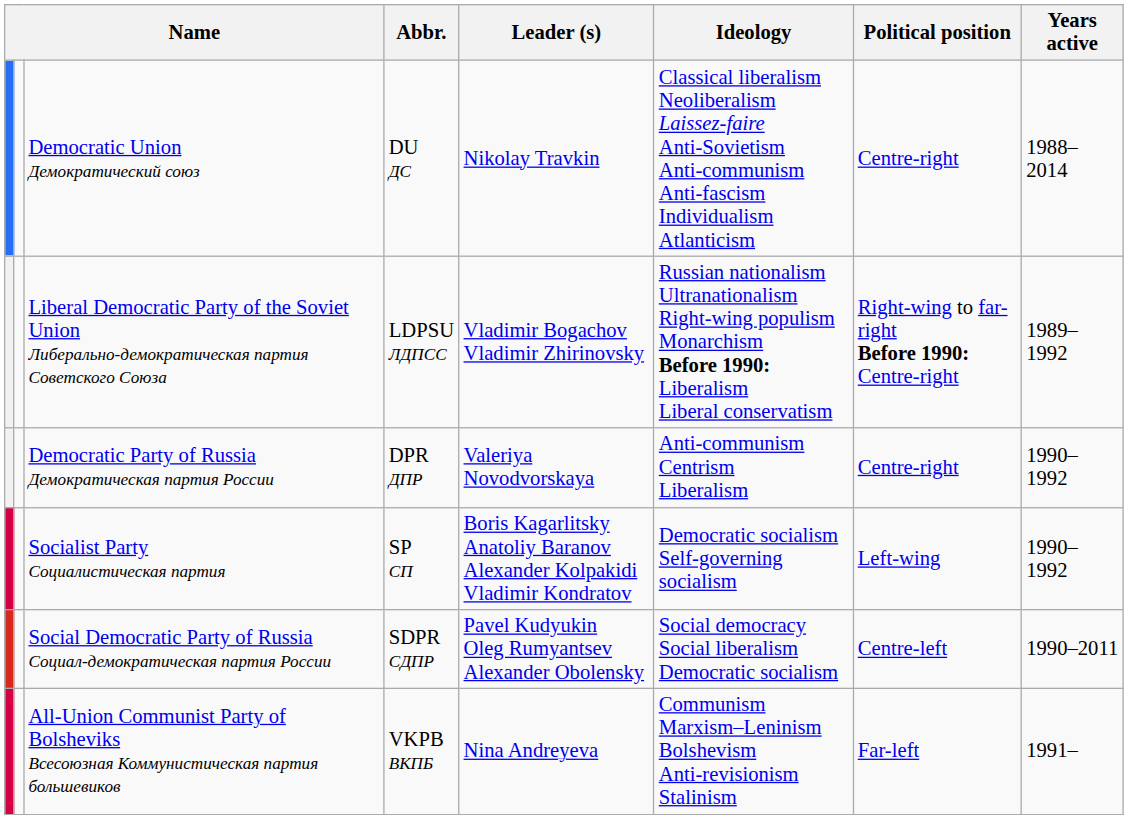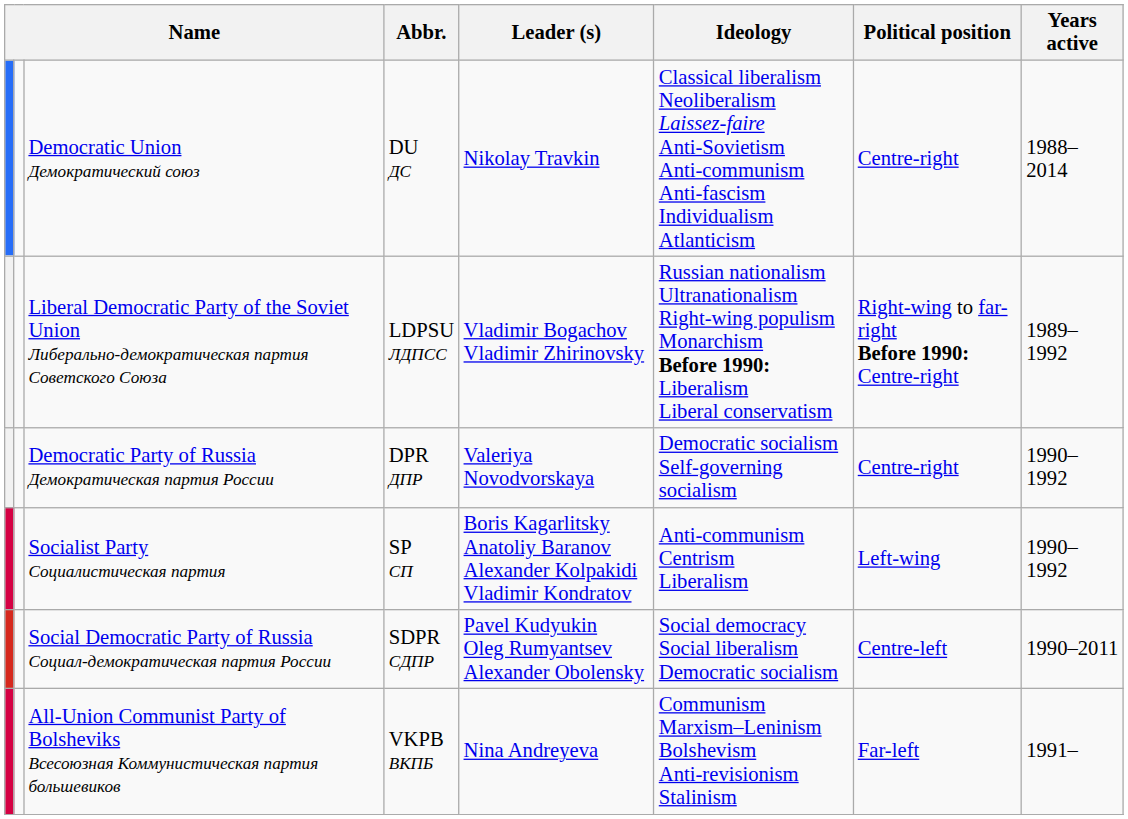 <table class="wikitable sortable">
 <tr>
 <th colspan=3>Name</th>
 <th>Abbr.</th>
 <th>Leader (s)</th>
 <th>Ideology</th>
 <th>Political position</th>
 <th>Years active</th>
 </tr>
 <tr>
 <th style="background:#266DF8;"></th>
 <td></td>
 <td><a href='#'>Democratic Union</a><br><small><em>Демократический союз</em></small></td>
 <td>DU<br><small><em>ДС</em></small></td>
 <td><a href='#'>Nikolay Travkin</a></td>
 <td><a href='#'>Classical liberalism</a><br><a href='#'>Neoliberalism</a><br><em><a href='#'>Laissez-faire</a></em><br><a href='#'>Anti-Sovietism</a><br><a href='#'>Anti-communism</a><br><a href='#'>Anti-fascism</a><br><a href='#'>Individualism</a><br><a href='#'>Atlanticism</a></td>
 <td><a href='#'>Centre-right</a></td>
 <td>1988–2014</td>
 </tr>
 <tr>
 <th style="background:"></th>
 <td></td>
 <td><a href='#'>Liberal Democratic Party of the Soviet Union</a><br><small><em>Либерально-демократическая партия Советского Союза</em></small></td>
 <td>LDPSU<br><small><em>ЛДПСС</em></small></td>
 <td><a href='#'>Vladimir Bogachov</a><br><a href='#'>Vladimir Zhirinovsky</a></td>
 <td><a href='#'>Russian nationalism</a><br><a href='#'>Ultranationalism</a><br><a href='#'>Right-wing populism</a><br><a href='#'>Monarchism</a><br><strong>Before 1990:</strong><br><a href='#'>Liberalism</a><br><a href='#'>Liberal conservatism</a></td>
 <td><a href='#'>Right-wing</a> to <a href='#'>far-right</a><br><strong>Before 1990:</strong><br><a href='#'>Centre-right</a></td>
 <td>1989–1992</td>
 </tr>
 <tr>
 <th style="background:"></th>
 <td></td>
 <td><a href='#'>Democratic Party of Russia</a><br><small><em>Демократическая партия России</em></small></td>
 <td>DPR<br><small><em>ДПР</em></small></td>
 <td><a href='#'>Valeriya Novodvorskaya</a></td>
-<td><a href='#'>Anti-communism</a><br><a href='#'>Centrism</a><br><a href='#'>Liberalism</a></td>
+<td><a href='#'>Democratic socialism</a><br><a href='#'>Self-governing socialism</a></td>
 <td><a href='#'>Centre-right</a></td>
 <td>1990–1992</td>
 </tr>
 <tr>
 <th style="background:#D50043;"></th>
 <td></td>
 <td><a href='#'>Socialist Party</a><br><small><em>Социалистическая партия</em></small></td>
 <td>SP<br><small><em>СП</em></small></td>
 <td><a href='#'>Boris Kagarlitsky</a><br><a href='#'>Anatoliy Baranov</a><br><a href='#'>Alexander Kolpakidi</a><br><a href='#'>Vladimir Kondratov</a></td>
-<td><a href='#'>Democratic socialism</a><br><a href='#'>Self-governing socialism</a></td>
+<td><a href='#'>Anti-communism</a><br><a href='#'>Centrism</a><br><a href='#'>Liberalism</a></td>
 <td><a href='#'>Left-wing</a></td>
 <td>1990–1992</td>
 </tr>
 <tr>
 <th style="background:#D6281D;"></th>
 <td></td>
 <td><a href='#'>Social Democratic Party of Russia</a><br><small><em>Социал-демократическая партия России</em></small></td>
 <td>SDPR<br><small><em>СДПР</em></small></td>
 <td><a href='#'>Pavel Kudyukin</a><br><a href='#'>Oleg Rumyantsev</a><br><a href='#'>Alexander Obolensky</a></td>
 <td><a href='#'>Social democracy</a><br><a href='#'>Social liberalism</a><br><a href='#'>Democratic socialism</a></td>
 <td><a href='#'>Centre-left</a></td>
 <td>1990–2011</td>
 </tr>
 <tr>
 <th style="background:#D50043;"></th>
 <td></td>
 <td><a href='#'>All-Union Communist Party of Bolsheviks</a><br><small><em>Всесоюзная Коммунистическая партия большевиков</em></small></td>
 <td>VKPB<br><small><em>ВКПБ</em></small></td>
 <td><a href='#'>Nina Andreyeva</a></td>
 <td><a href='#'>Communism</a><br><a href='#'>Marxism–Leninism</a><br><a href='#'>Bolshevism</a><br><a href='#'>Anti-revisionism</a><br><a href='#'>Stalinism</a></td>
 <td><a href='#'>Far-left</a></td>
 <td>1991–</td>
 </tr>
 <tr>
 </tr>
 </table>
